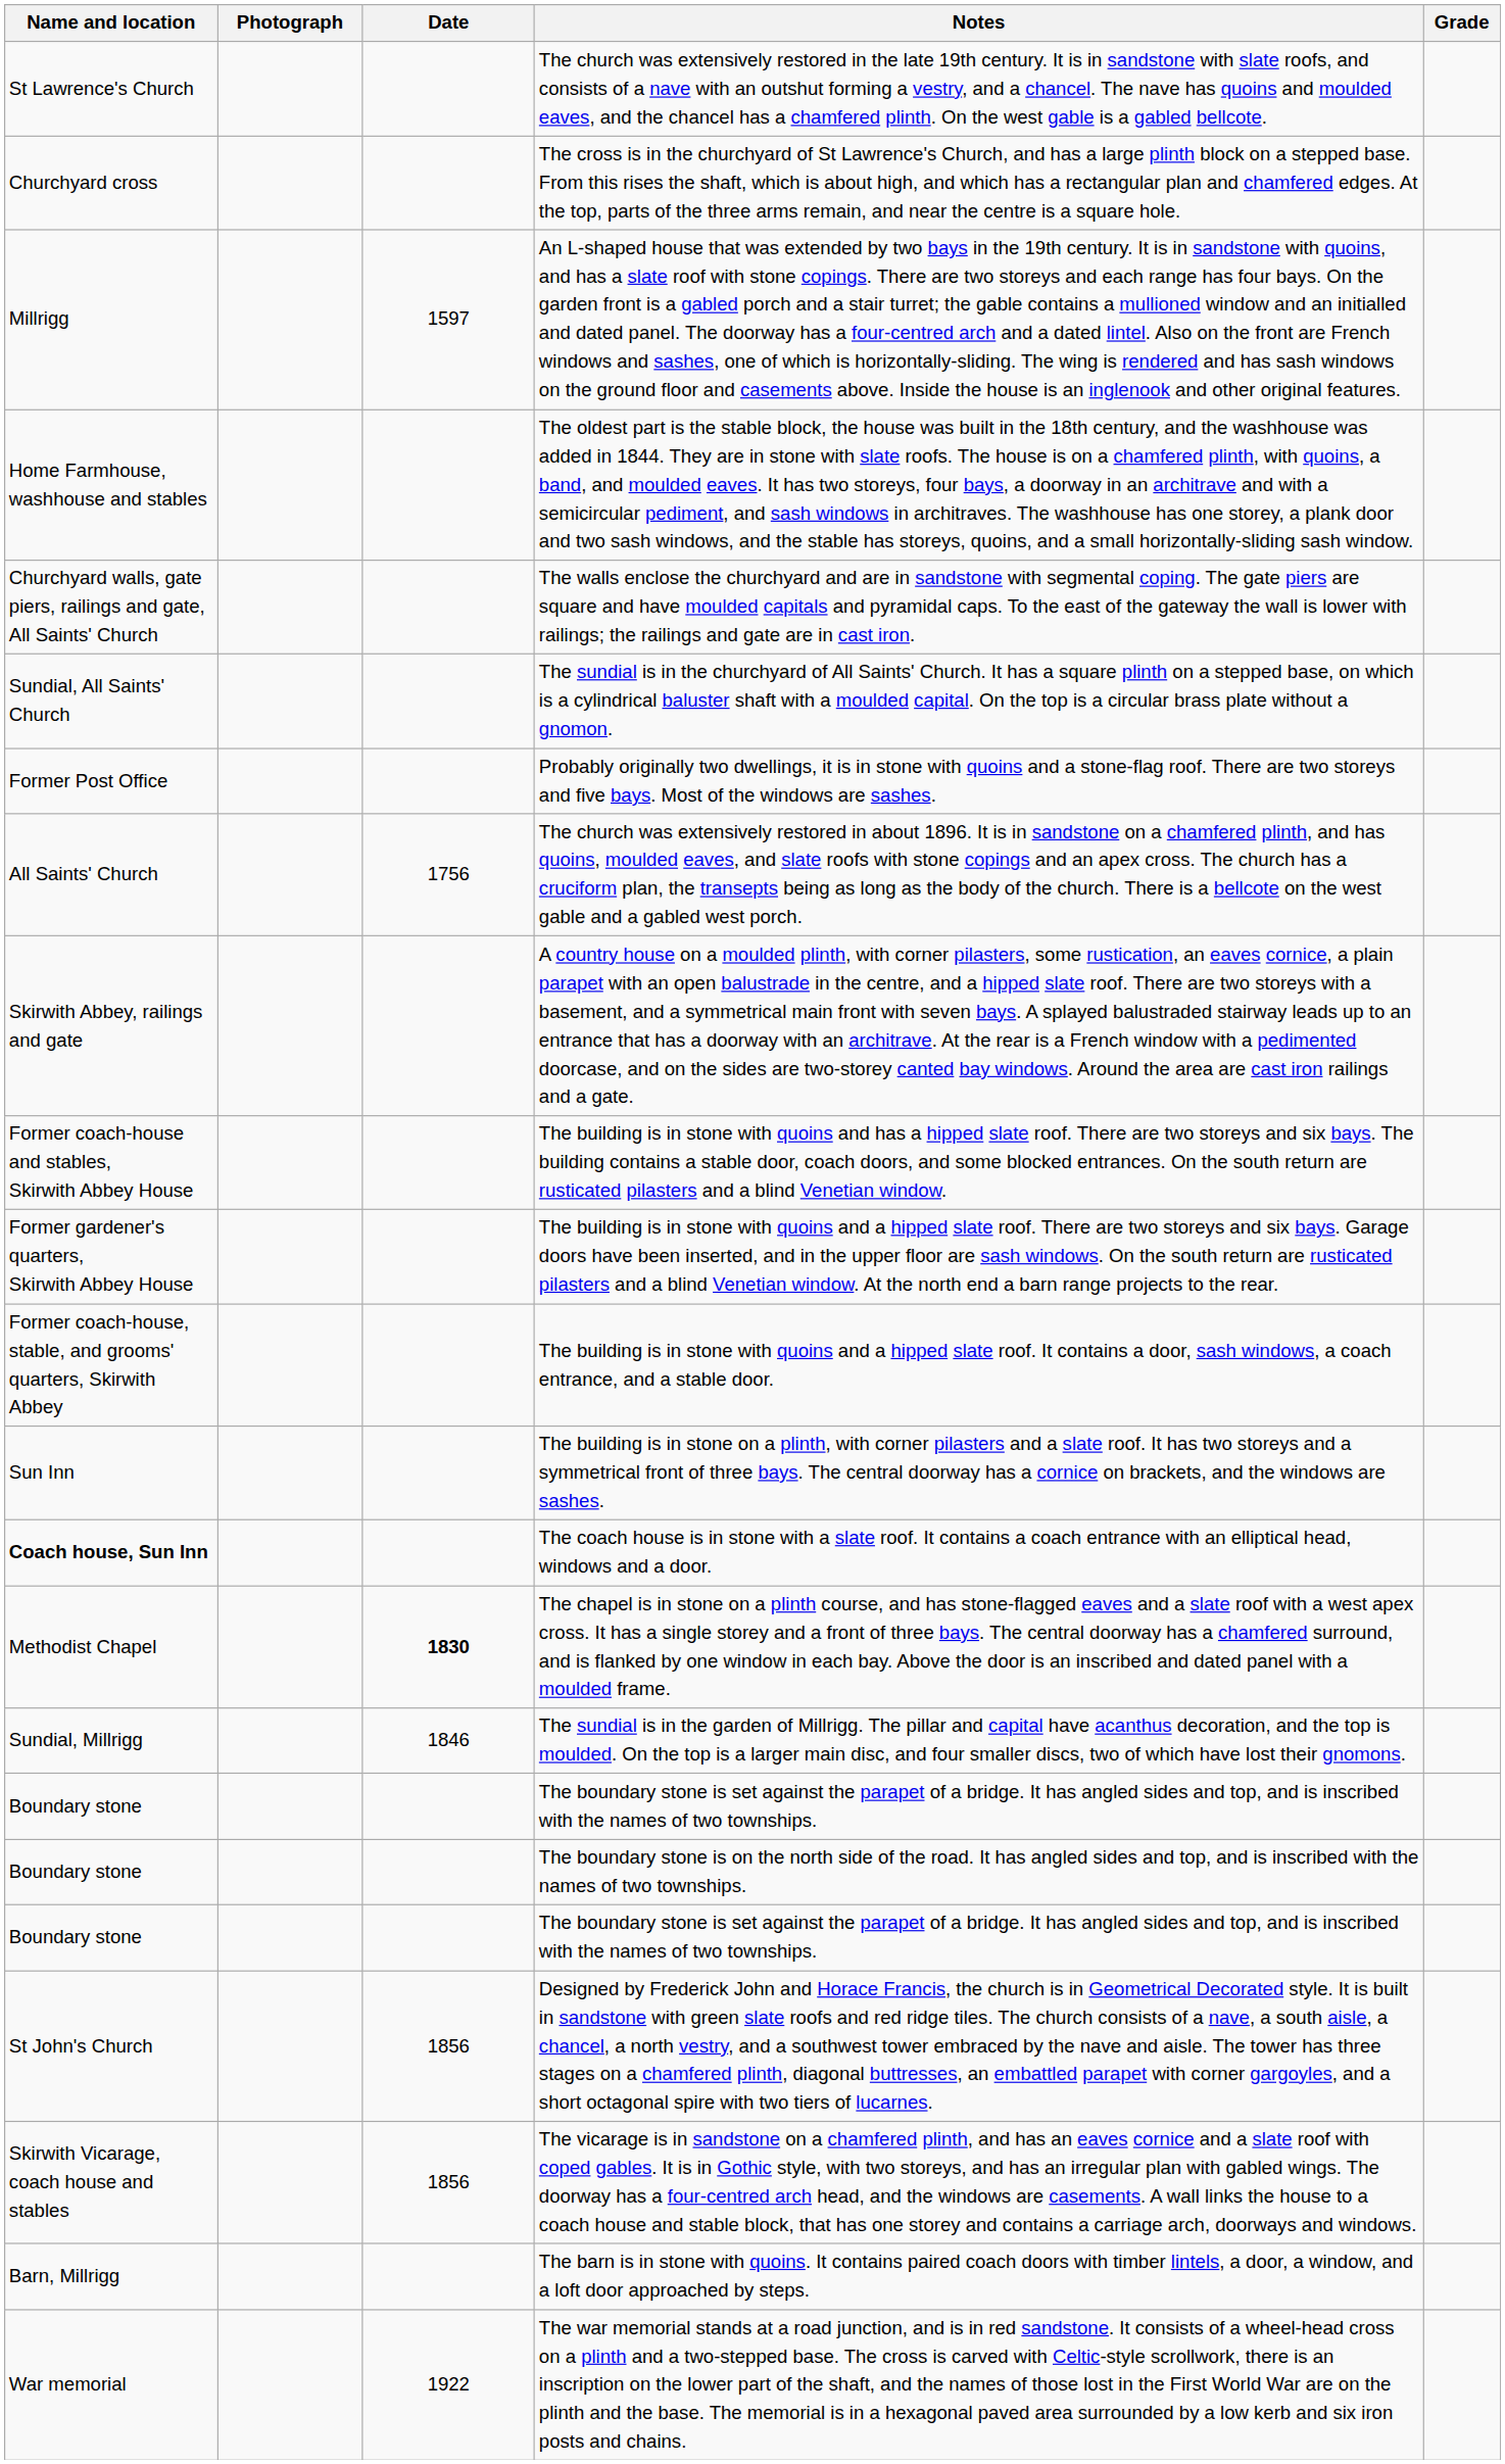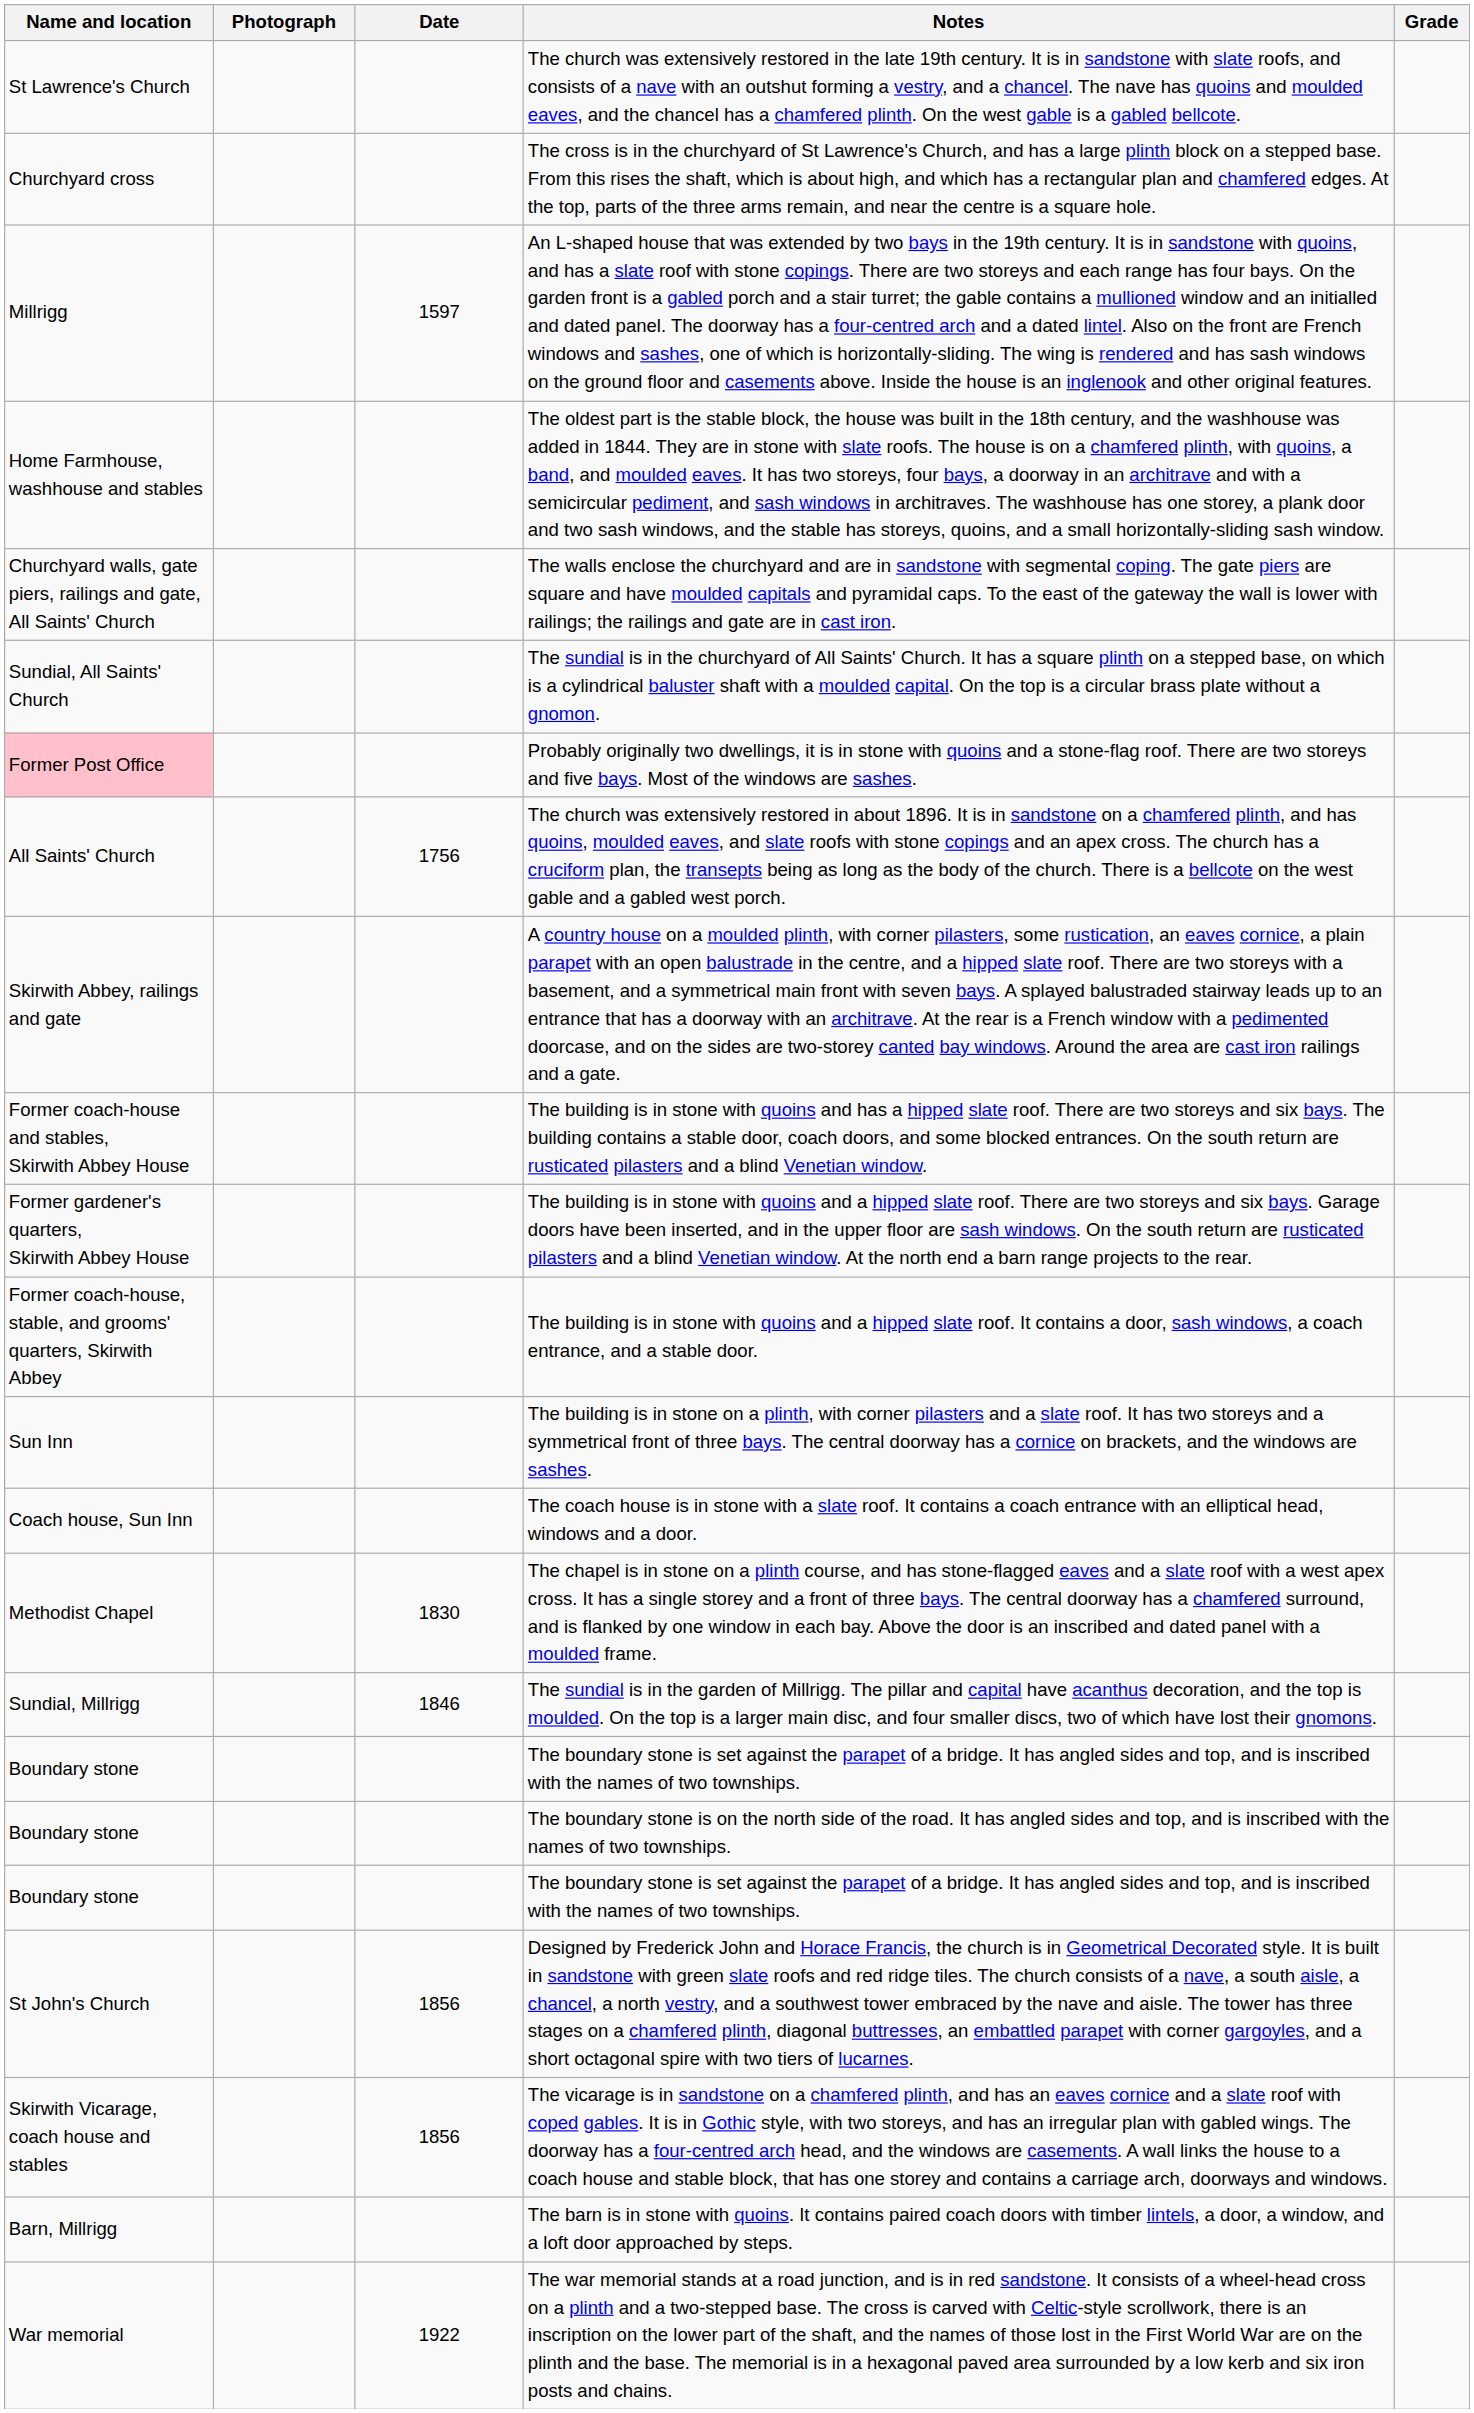 <table class="wikitable sortable plainrowheaders" style="width:100%; border:0; text-align:left; line-height:150%;">
 <tr>
 <th scope="col"  style="width:150px">Name and location</th>
 <th scope="col"  style="width:100px" class="unsortable">Photograph</th>
 <th scope="col"  style="width:120px">Date</th>
 <th scope="col"  style="width:650px" class="unsortable">Notes</th>
 <th scope="col"  style="width:50px">Grade</th>
 </tr>
 <tr>
 <td>St Lawrence's Church<br><small></small></td>
 <td></td>
 <td align="center"></td>
 <td>The church was extensively restored in the late 19th century.  It is in <a href='#'>sandstone</a> with <a href='#'>slate</a> roofs, and consists of a <a href='#'>nave</a> with an outshut forming a <a href='#'>vestry</a>, and a <a href='#'>chancel</a>.  The nave has <a href='#'>quoins</a> and <a href='#'>moulded</a> <a href='#'>eaves</a>, and the chancel has a <a href='#'>chamfered</a> <a href='#'>plinth</a>.  On the west <a href='#'>gable</a> is a <a href='#'>gabled</a> <a href='#'>bellcote</a>.</td>
 <td align="center" ></td>
 </tr>
 <tr>
 <td>Churchyard cross<br><small></small></td>
 <td></td>
 <td align="center"></td>
 <td>The cross is in the churchyard of St Lawrence's Church, and has a large <a href='#'>plinth</a> block on a stepped base.  From this rises the shaft, which is about  high, and which has a rectangular plan and <a href='#'>chamfered</a> edges.  At the top, parts of the three arms remain, and near the centre is a square hole.</td>
 <td align="center" ></td>
 </tr>
 <tr>
 <td>Millrigg<br><small></small></td>
 <td></td>
 <td align="center">1597</td>
 <td>An L-shaped house that was extended by two <a href='#'>bays</a> in the 19th century.  It is in <a href='#'>sandstone</a> with <a href='#'>quoins</a>, and has a <a href='#'>slate</a> roof with stone <a href='#'>copings</a>.  There are two storeys and each range has four bays.  On the garden front is a <a href='#'>gabled</a> porch and a stair turret; the gable contains a <a href='#'>mullioned</a> window and an initialled and dated panel.  The doorway has a <a href='#'>four-centred arch</a> and a dated <a href='#'>lintel</a>.  Also on the front are French windows and <a href='#'>sashes</a>, one of which is horizontally-sliding.  The wing is <a href='#'>rendered</a> and has sash windows on the ground floor and <a href='#'>casements</a> above.  Inside the house is an <a href='#'>inglenook</a> and other original features.</td>
 <td align="center" ></td>
 </tr>
 <tr>
 <td>Home Farmhouse, washhouse and stables<br><small></small></td>
 <td></td>
 <td align="center"></td>
 <td>The oldest part is the stable block, the house was built in the 18th century, and the washhouse was added in 1844.  They are in stone with <a href='#'>slate</a> roofs.  The house is on a <a href='#'>chamfered</a> <a href='#'>plinth</a>, with <a href='#'>quoins</a>, a <a href='#'>band</a>, and <a href='#'>moulded</a> <a href='#'>eaves</a>.   It has two storeys, four <a href='#'>bays</a>, a doorway in an <a href='#'>architrave</a> and with a semicircular <a href='#'>pediment</a>, and <a href='#'>sash windows</a> in architraves.  The washhouse has one storey, a plank door and two sash windows, and the stable has  storeys, quoins, and a small horizontally-sliding sash window.</td>
 <td align="center" ></td>
 </tr>
 <tr>
 <td>Churchyard walls, gate piers, railings and gate, All Saints' Church<br><small></small></td>
 <td></td>
 <td align="center"></td>
 <td>The walls enclose the churchyard and are in <a href='#'>sandstone</a> with segmental <a href='#'>coping</a>.  The gate <a href='#'>piers</a> are square and have <a href='#'>moulded</a> <a href='#'>capitals</a> and pyramidal caps.  To the east of the gateway the wall is lower with railings; the railings and gate are in <a href='#'>cast iron</a>.</td>
 <td align="center" ></td>
 </tr>
 <tr>
 <td>Sundial, All Saints' Church<br><small></small></td>
 <td></td>
 <td align="center"></td>
 <td>The <a href='#'>sundial</a> is in the churchyard of All Saints' Church.  It has a square <a href='#'>plinth</a> on a stepped base, on which is a cylindrical <a href='#'>baluster</a> shaft with a <a href='#'>moulded</a> <a href='#'>capital</a>.  On the top is a circular brass plate without a <a href='#'>gnomon</a>.</td>
 <td align="center" ></td>
 </tr>
 <tr>
-<td>Former Post Office<br><small></small></td>
+<td style="background: pink;">Former Post Office<br><small></small></td>
 <td></td>
 <td align="center"></td>
 <td>Probably originally two dwellings, it is in stone with <a href='#'>quoins</a> and a stone-flag roof.  There are two storeys and five <a href='#'>bays</a>.  Most of the windows are <a href='#'>sashes</a>.</td>
 <td align="center" ></td>
 </tr>
 <tr>
 <td>All Saints' Church<br><small></small></td>
 <td></td>
 <td align="center">1756</td>
 <td>The church was extensively restored in about 1896.  It is in <a href='#'>sandstone</a> on a <a href='#'>chamfered</a> <a href='#'>plinth</a>, and has <a href='#'>quoins</a>, <a href='#'>moulded</a> <a href='#'>eaves</a>, and <a href='#'>slate</a> roofs with stone <a href='#'>copings</a> and an apex cross.  The church has a <a href='#'>cruciform</a> plan, the <a href='#'>transepts</a> being as long as the body of the church. There is a <a href='#'>bellcote</a> on the west gable and a gabled west porch.</td>
 <td align="center" ></td>
 </tr>
 <tr>
 <td>Skirwith Abbey, railings and gate<br><small></small></td>
 <td></td>
 <td align="center"></td>
 <td>A <a href='#'>country house</a> on a <a href='#'>moulded</a> <a href='#'>plinth</a>, with corner <a href='#'>pilasters</a>, some <a href='#'>rustication</a>, an <a href='#'>eaves</a> <a href='#'>cornice</a>, a plain <a href='#'>parapet</a> with an open <a href='#'>balustrade</a> in the centre, and a <a href='#'>hipped</a> <a href='#'>slate</a> roof.  There are two storeys with a basement, and a symmetrical main front with seven <a href='#'>bays</a>.  A splayed balustraded stairway leads up to an entrance that has a doorway with an <a href='#'>architrave</a>.  At the rear is a French window with a <a href='#'>pedimented</a> doorcase, and on the sides are two-storey <a href='#'>canted</a> <a href='#'>bay windows</a>.  Around the area are <a href='#'>cast iron</a> railings and a gate.</td>
 <td align="center" ></td>
 </tr>
 <tr>
 <td>Former coach-house and stables,<br>Skirwith Abbey House<br><small></small></td>
 <td></td>
 <td align="center"></td>
 <td>The building is in stone with <a href='#'>quoins</a> and has a <a href='#'>hipped</a> <a href='#'>slate</a> roof.  There are two storeys and six <a href='#'>bays</a>.  The building contains a stable door, coach doors, and some blocked entrances.  On the south return are <a href='#'>rusticated</a> <a href='#'>pilasters</a> and a blind <a href='#'>Venetian window</a>.</td>
 <td align="center" ></td>
 </tr>
 <tr>
 <td>Former gardener's quarters,<br>Skirwith Abbey House<br><small></small></td>
 <td></td>
 <td align="center"></td>
 <td>The building is in stone with <a href='#'>quoins</a> and a <a href='#'>hipped</a> <a href='#'>slate</a> roof.  There are two storeys and six <a href='#'>bays</a>.  Garage doors have been inserted, and in the upper floor are <a href='#'>sash windows</a>.  On the south return are <a href='#'>rusticated</a> <a href='#'>pilasters</a> and a blind <a href='#'>Venetian window</a>.  At the north end a barn range projects to the rear.</td>
 <td align="center" ></td>
 </tr>
 <tr>
 <td>Former coach-house, stable, and grooms' quarters, Skirwith Abbey<br><small></small></td>
 <td></td>
 <td align="center"></td>
 <td>The building is in stone with <a href='#'>quoins</a> and a <a href='#'>hipped</a> <a href='#'>slate</a> roof.  It contains a door, <a href='#'>sash windows</a>, a coach entrance, and a stable door.</td>
 <td align="center" ></td>
 </tr>
 <tr>
 <td>Sun Inn<br><small></small></td>
 <td></td>
 <td align="center"></td>
 <td>The building is in stone on a <a href='#'>plinth</a>, with corner <a href='#'>pilasters</a> and a <a href='#'>slate</a> roof.  It has two storeys and a symmetrical front of three <a href='#'>bays</a>.  The central doorway has a <a href='#'>cornice</a> on brackets, and the windows are <a href='#'>sashes</a>.</td>
 <td align="center" ></td>
 </tr>
 <tr>
-<td><strong>Coach house, Sun Inn<br><small></small></strong></td>
+<td>Coach house, Sun Inn<br><small></small></td>
 <td></td>
 <td align="center"></td>
 <td>The coach house is in stone with a <a href='#'>slate</a> roof.  It contains a coach entrance with an elliptical head, windows and a door.</td>
 <td align="center" ></td>
 </tr>
 <tr>
 <td>Methodist Chapel<br><small></small></td>
 <td></td>
-<td align="center"><strong>1830</strong></td>
+<td align="center">1830</td>
 <td>The chapel is in stone on a <a href='#'>plinth</a> course, and has stone-flagged <a href='#'>eaves</a> and a <a href='#'>slate</a> roof with a west apex cross.  It has a single storey and a front of three <a href='#'>bays</a>.  The central doorway has a <a href='#'>chamfered</a> surround, and is flanked by one window in each bay.  Above the door is an inscribed and dated panel with a <a href='#'>moulded</a> frame.</td>
 <td align="center" ></td>
 </tr>
 <tr>
 <td>Sundial, Millrigg<br><small></small></td>
 <td></td>
 <td align="center">1846</td>
 <td>The <a href='#'>sundial</a> is in the garden of Millrigg.  The pillar and <a href='#'>capital</a> have <a href='#'>acanthus</a> decoration, and the top is <a href='#'>moulded</a>.  On the top is a larger main disc, and four smaller discs, two of which have lost their <a href='#'>gnomons</a>.</td>
 <td align="center" ></td>
 </tr>
 <tr>
 <td>Boundary stone<br><small></small></td>
 <td></td>
 <td align="center"></td>
 <td>The boundary stone is set against the <a href='#'>parapet</a> of a bridge.  It has angled sides and top, and is inscribed with the names of two townships.</td>
 <td align="center" ></td>
 </tr>
 <tr>
 <td>Boundary stone<br><small></small></td>
 <td></td>
 <td align="center"></td>
 <td>The boundary stone is on the north side of the road.  It has angled sides and top, and is inscribed with the names of two townships.</td>
 <td align="center" ></td>
 </tr>
 <tr>
 <td>Boundary stone<br><small></small></td>
 <td></td>
 <td align="center"></td>
 <td>The boundary stone is set against the <a href='#'>parapet</a> of a bridge.  It has angled sides and top, and is inscribed with the names of two townships.</td>
 <td align="center" ></td>
 </tr>
 <tr>
 <td>St John's Church<br><small></small></td>
 <td></td>
 <td align="center">1856</td>
 <td>Designed by Frederick John and <a href='#'>Horace Francis</a>, the church is in <a href='#'>Geometrical Decorated</a> style.  It is built in <a href='#'>sandstone</a> with green <a href='#'>slate</a> roofs and red ridge tiles.  The church consists of a <a href='#'>nave</a>, a south <a href='#'>aisle</a>, a <a href='#'>chancel</a>, a north <a href='#'>vestry</a>, and a southwest tower embraced by the nave and aisle.  The tower has three stages on a <a href='#'>chamfered</a> <a href='#'>plinth</a>, diagonal <a href='#'>buttresses</a>, an <a href='#'>embattled</a> <a href='#'>parapet</a> with corner <a href='#'>gargoyles</a>, and a short octagonal spire with two tiers of <a href='#'>lucarnes</a>.</td>
 <td align="center" ></td>
 </tr>
 <tr>
 <td>Skirwith Vicarage, coach house and stables<br><small></small></td>
 <td></td>
 <td align="center">1856</td>
 <td>The vicarage is in <a href='#'>sandstone</a> on a <a href='#'>chamfered</a> <a href='#'>plinth</a>, and has an <a href='#'>eaves</a> <a href='#'>cornice</a> and a <a href='#'>slate</a> roof with <a href='#'>coped</a> <a href='#'>gables</a>.  It is in <a href='#'>Gothic</a> style, with two storeys, and has an irregular plan with gabled wings.  The doorway has a <a href='#'>four-centred arch</a> head, and the windows are <a href='#'>casements</a>.  A wall links the house to a coach house and stable block, that has one storey and contains a carriage arch, doorways and windows.</td>
 <td align="center" ></td>
 </tr>
 <tr>
 <td>Barn, Millrigg<br><small></small></td>
 <td></td>
 <td align="center"></td>
 <td>The barn is in stone with <a href='#'>quoins</a>.  It contains paired coach doors with timber <a href='#'>lintels</a>, a door, a window, and a loft door approached by steps.</td>
 <td align="center" ></td>
 </tr>
 <tr>
 <td>War memorial<br><small></small></td>
 <td></td>
 <td align="center">1922</td>
 <td>The war memorial stands at a road junction, and is in red <a href='#'>sandstone</a>.  It consists of a wheel-head cross on a <a href='#'>plinth</a> and a two-stepped base.  The cross is carved with <a href='#'>Celtic</a>-style scrollwork, there is an inscription on the lower part of the shaft, and the names of those lost in the First World War are on the plinth and the base.  The memorial is in a hexagonal paved area surrounded by a low kerb and six iron posts and chains.</td>
 <td align="center" ></td>
 </tr>
 <tr>
 </tr>
 </table>
